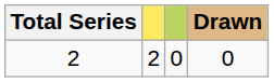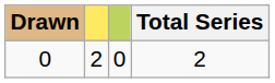 <table class="wikitable">
 <tr>
-<th>Total Series</th>
+<th style="background:#deb887">Drawn</th>
 <th style="background:#fdea60"></th>
 <th style="background:#bcd35f"></th>
-<th style="background:#deb887">Drawn</th>
+<th>Total Series</th>
 </tr>
 <tr>
-<td align="center">2</td>
+<td align="center">0</td>
 <td align="center">2</td>
 <td align="center">0</td>
-<td align="center">0</td>
+<td align="center">2</td>
 </tr>
 </table>
